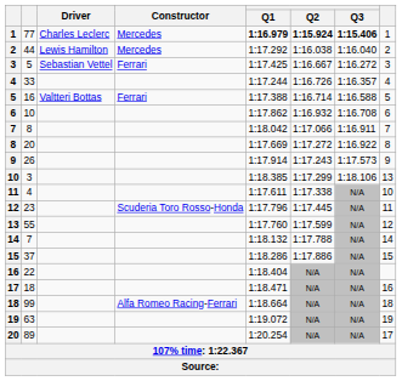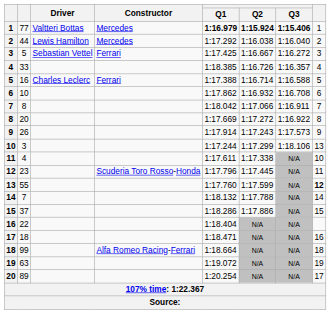 <table class="wikitable sortable" style="font-size:85%">
 <tr>
 <th rowspan="2"></th>
 <th rowspan="2"></th>
 <th rowspan="2">Driver</th>
 <th rowspan="2">Constructor</th>
 <th colspan="3"></th>
 <th rowspan="2"></th>
 </tr>
 <tr>
 <th>Q1</th>
 <th>Q2</th>
 <th>Q3</th>
 </tr>
 <tr>
 <th>1</th>
 <td align="center">77</td>
-<td data-sort-value="LEC"> <a href='#'>Charles Leclerc</a></td>
+<td data-sort-value="BOT"> <a href='#'>Valtteri Bottas</a></td>
 <td><a href='#'>Mercedes</a></td>
 <td><strong>1:16.979</strong></td>
 <td><strong>1:15.924</strong></td>
 <td><strong>1:15.406</strong></td>
 <td align="center">1</td>
 </tr>
 <tr>
 <th>2</th>
 <td align="center">44</td>
 <td data-sort-value="HAM"> <a href='#'>Lewis Hamilton</a></td>
 <td><a href='#'>Mercedes</a></td>
 <td>1:17.292</td>
 <td>1:16.038</td>
 <td>1:16.040</td>
 <td align="center">2</td>
 </tr>
 <tr>
 <th>3</th>
 <td align="center">5</td>
 <td data-sort-value="VET"> <a href='#'>Sebastian Vettel</a></td>
 <td><a href='#'>Ferrari</a></td>
 <td>1:17.425</td>
 <td>1:16.667</td>
 <td>1:16.272</td>
 <td align="center">3</td>
 </tr>
 <tr>
 <th>4</th>
 <td align="center">33</td>
 <td data-sort-value="VER"></td>
 <td></td>
-<td>1:17.244</td>
+<td>1:18.385</td>
 <td>1:16.726</td>
 <td>1:16.357</td>
 <td align="center">4</td>
 </tr>
 <tr>
 <th>5</th>
 <td align="center">16</td>
-<td data-sort-value="BOT"> <a href='#'>Valtteri Bottas</a></td>
+<td data-sort-value="LEC"> <a href='#'>Charles Leclerc</a></td>
 <td><a href='#'>Ferrari</a></td>
 <td>1:17.388</td>
 <td>1:16.714</td>
 <td>1:16.588</td>
 <td align="center">5</td>
 </tr>
 <tr>
 <th>6</th>
 <td align="center">10</td>
 <td data-sort-value="GAS"></td>
 <td></td>
 <td>1:17.862</td>
 <td>1:16.932</td>
 <td>1:16.708</td>
 <td align="center">6</td>
 </tr>
 <tr>
 <th>7</th>
 <td align="center">8</td>
 <td data-sort-value="GRO"></td>
 <td></td>
 <td>1:18.042</td>
 <td>1:17.066</td>
 <td>1:16.911</td>
 <td align="center">7</td>
 </tr>
 <tr>
 <th>8</th>
 <td align="center">20</td>
 <td data-sort-value="MAG"></td>
 <td></td>
 <td>1:17.669</td>
 <td>1:17.272</td>
 <td>1:16.922</td>
 <td align="center">8</td>
 </tr>
 <tr>
 <th>9</th>
 <td align="center">26</td>
 <td data-sort-value="KVY"></td>
 <td></td>
 <td>1:17.914</td>
 <td>1:17.243</td>
 <td data-sort-value="9">1:17.573</td>
 <td align="center">9</td>
 </tr>
 <tr>
 <th>10</th>
 <td align="center">3</td>
 <td data-sort-value="RIC"></td>
 <td></td>
-<td>1:18.385</td>
+<td>1:17.244</td>
 <td>1:17.299</td>
 <td data-sort-value="9.1">1:18.106</td>
 <td align="center">13</td>
 </tr>
 <tr>
 <th>11</th>
 <td align="center">4</td>
 <td data-sort-value="NOR"></td>
 <td></td>
 <td>1:17.611</td>
 <td>1:17.338</td>
 <td align="center" style="background: silver"><small>N/A</small></td>
 <td align="center">10</td>
 </tr>
 <tr>
 <th>12</th>
 <td align="center">23</td>
 <td data-sort-value="ALB"></td>
 <td><a href='#'>Scuderia Toro Rosso</a>-<a href='#'>Honda</a></td>
 <td>1:17.796</td>
 <td>1:17.445</td>
 <td align="center" style="background: silver"><small>N/A</small></td>
 <td align="center">11</td>
 </tr>
 <tr>
 <th>13</th>
 <td align="center">55</td>
 <td data-sort-value="SAI"></td>
 <td></td>
 <td>1:17.760</td>
 <td>1:17.599</td>
 <td align="center" style="background: silver"><small>N/A</small></td>
-<td align="center">12</td>
+<td align="center"><strong>12</strong></td>
 </tr>
 <tr>
 <th>14</th>
 <td align="center">7</td>
 <td data-sort-value="RAI"></td>
 <td></td>
 <td>1:18.132</td>
 <td>1:17.788</td>
 <td align="center" style="background: silver"><small>N/A</small></td>
 <td align="center">14</td>
 </tr>
 <tr>
 <th>15</th>
 <td align="center">37</td>
 <td data-sort-value="PER"></td>
 <td></td>
 <td>1:18.286</td>
 <td>1:17.886</td>
 <td align="center" style="background: silver"><small>N/A</small></td>
 <td align="center">15</td>
 </tr>
 <tr>
 <th>16</th>
 <td align="center">22</td>
 <td data-sort-value="HUL"></td>
 <td></td>
 <td>1:18.404</td>
 <td align="center" style="background: silver"><small>N/A</small></td>
 <td align="center" style="background: silver"><small>N/A</small></td>
 <td align="center" data-sort-value="20"></td>
 </tr>
 <tr>
 <th>17</th>
 <td align="center">18</td>
 <td data-sort-value="STR"></td>
 <td></td>
 <td>1:18.471</td>
 <td align="center" style="background: silver"><small>N/A</small></td>
 <td align="center" style="background: silver"><small>N/A</small></td>
 <td align="center">16</td>
 </tr>
 <tr>
 <th>18</th>
 <td align="center">99</td>
 <td data-sort-value="GIO"></td>
 <td><a href='#'>Alfa Romeo Racing</a>-<a href='#'>Ferrari</a></td>
 <td>1:18.664</td>
 <td align="center" style="background: silver"><small>N/A</small></td>
 <td align="center" style="background: silver"><small>N/A</small></td>
 <td align="center">18</td>
 </tr>
 <tr>
 <th align="center">19</th>
 <td align="center">63</td>
 <td data-sort-value="RUS"></td>
 <td></td>
 <td>1:19.072</td>
 <td align="center" style="background: silver"><small>N/A</small></td>
 <td align="center" style="background: silver"><small>N/A</small></td>
 <td align="center">19</td>
 </tr>
 <tr>
 <th>20</th>
 <td align="center">89</td>
 <td data-sort-value="KUB"></td>
 <td></td>
 <td>1:20.254</td>
 <td align="center" style="background: silver"><small>N/A</small></td>
 <td align="center" style="background: silver"><small>N/A</small></td>
 <td align="center">17</td>
 </tr>
 <tr>
 <th colspan="8"><a href='#'>107% time</a>: 1:22.367</th>
 </tr>
 <tr>
 <th colspan="8">Source:</th>
 </tr>
 </table>
